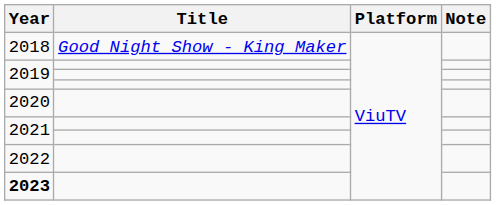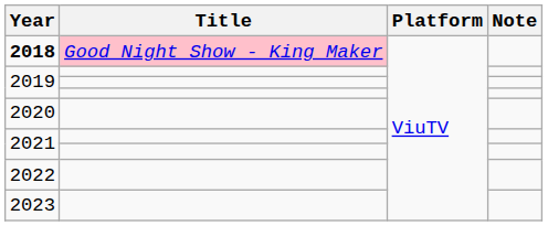 <table class="wikitable plainrowheaders">
 <tr>
 <th scope="col">Year</th>
 <th scope="col">Title</th>
 <th scope="col">Platform</th>
 <th scope="col">Note</th>
 </tr>
 <tr>
-<td>2018</td>
-<td><em><a href='#'>Good Night Show - King Maker</a></em></td>
+<td><strong>2018</strong></td>
+<td style="background: pink;"><em><a href='#'>Good Night Show - King Maker</a></em></td>
 <td rowspan=9><a href='#'>ViuTV</a></td>
 <td></td>
 </tr>
 <tr>
 <td rowspan=3>2019</td>
 <td></td>
 <td></td>
 </tr>
 <tr>
 <td></td>
 <td></td>
 </tr>
 <tr>
 <td></td>
 <td></td>
 </tr>
 <tr>
 <td>2020</td>
 <td></td>
 <td></td>
 </tr>
 <tr>
 <td rowspan="2">2021</td>
 <td></td>
 <td></td>
 </tr>
 <tr>
 <td></td>
 <td></td>
 </tr>
 <tr>
 <td>2022</td>
 <td></td>
 <td></td>
 </tr>
 <tr>
-<td><strong>2023</strong></td>
+<td>2023</td>
 <td></td>
 <td></td>
 </tr>
 </table>
